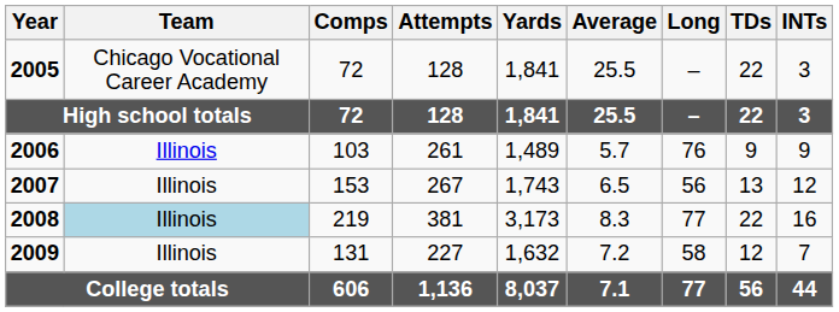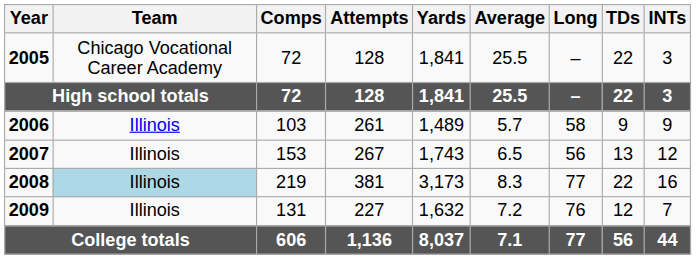 <table class="wikitable" style="text-align:center;">
 <tr>
 <th>Year</th>
 <th>Team</th>
 <th>Comps</th>
 <th>Attempts</th>
 <th>Yards</th>
 <th>Average</th>
 <th>Long</th>
 <th>TDs</th>
 <th>INTs</th>
 </tr>
 <tr>
 <td><strong>2005</strong></td>
 <td>Chicago Vocational Career Academy</td>
 <td>72</td>
 <td>128</td>
 <td>1,841</td>
 <td>25.5</td>
 <td>–</td>
 <td>22</td>
 <td>3</td>
 </tr>
 <tr style="background:#555555;font-weight:bold;color:white;">
 <td colspan=2>High school totals</td>
 <td>72</td>
 <td>128</td>
 <td>1,841</td>
 <td>25.5</td>
 <td>–</td>
 <td>22</td>
 <td>3</td>
 </tr>
 <tr style="background:#e3e3e3;">
 </tr>
 <tr>
 <td><strong>2006</strong></td>
 <td><a href='#'>Illinois</a></td>
 <td>103</td>
 <td>261</td>
 <td>1,489</td>
 <td>5.7</td>
-<td>76</td>
+<td>58</td>
 <td>9</td>
 <td>9</td>
 </tr>
 <tr>
 <td><strong>2007</strong></td>
 <td>Illinois</td>
 <td>153</td>
 <td>267</td>
 <td>1,743</td>
 <td>6.5</td>
 <td>56</td>
 <td>13</td>
 <td>12</td>
 </tr>
 <tr>
 <td><strong>2008</strong></td>
 <td style="background: lightblue;">Illinois</td>
 <td>219</td>
 <td>381</td>
 <td>3,173</td>
 <td>8.3</td>
 <td>77</td>
 <td>22</td>
 <td>16</td>
 </tr>
 <tr>
 <td><strong>2009</strong></td>
 <td>Illinois</td>
 <td>131</td>
 <td>227</td>
 <td>1,632</td>
 <td>7.2</td>
-<td>58</td>
+<td>76</td>
 <td>12</td>
 <td>7</td>
 </tr>
 <tr style="background:#555555;font-weight:bold;color:white;">
 <td colspan=2>College totals</td>
 <td>606</td>
 <td>1,136</td>
 <td>8,037</td>
 <td>7.1</td>
 <td>77</td>
 <td>56</td>
 <td>44</td>
 </tr>
 <tr style="background:#e3e3e3;">
 </tr>
 </table>
